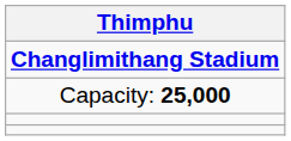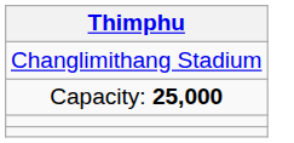 <table class="wikitable" style="text-align:center">
 <tr>
 <th><a href='#'>Thimphu</a></th>
 </tr>
 <tr>
-<td><strong><a href='#'>Changlimithang Stadium</a></strong></td>
+<td><a href='#'>Changlimithang Stadium</a></td>
 </tr>
 <tr>
 <td>Capacity: <strong>25,000</strong></td>
 </tr>
 <tr>
 <td></td>
 </tr>
 <tr>
 <td rowspan=4></td>
 </tr>
 </table>
